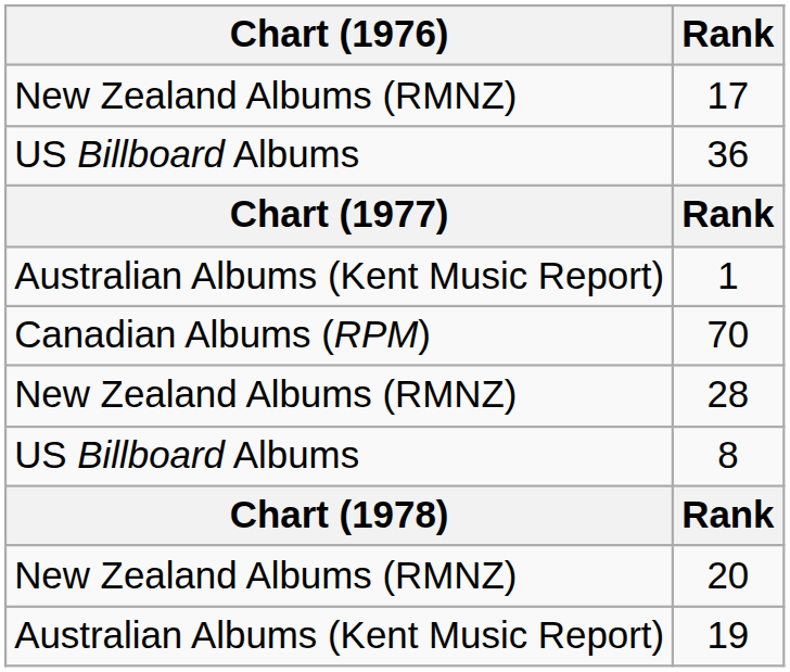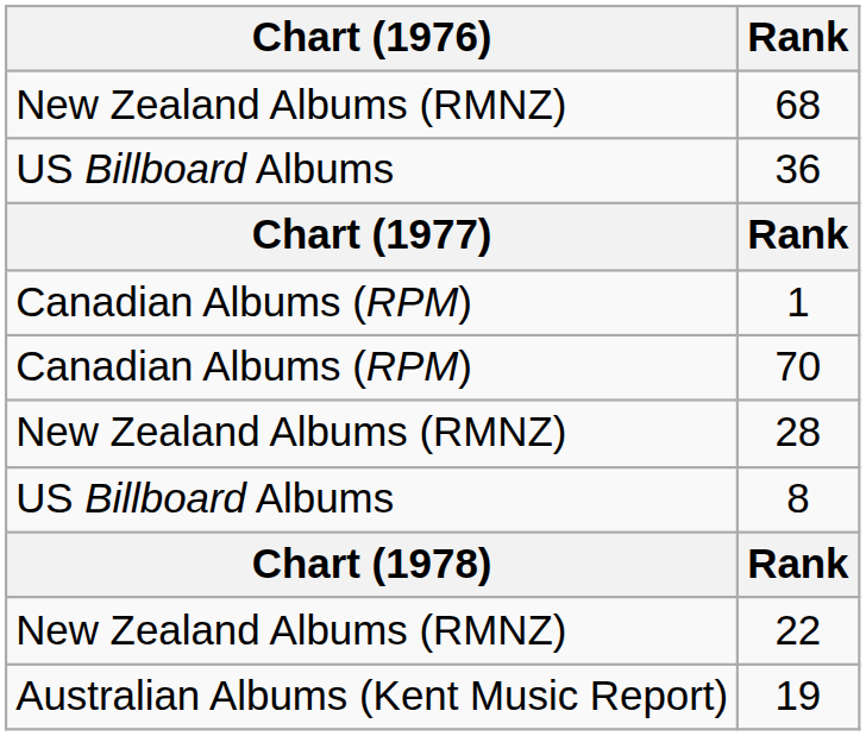 <table class="wikitable plainrowheaders">
 <tr>
 <th>Chart (1976)</th>
 <th>Rank</th>
 </tr>
 <tr>
 <td align="left">New Zealand Albums (RMNZ)</td>
-<td align="center">17</td>
+<td align="center">68</td>
 </tr>
 <tr>
 <td align="left">US <em>Billboard</em> Albums</td>
 <td align="center">36</td>
 </tr>
 <tr>
 <th>Chart (1977)</th>
 <th>Rank</th>
 </tr>
 <tr>
-<td align="left">Australian Albums (Kent Music Report)</td>
+<td align="left">Canadian Albums (<em>RPM</em>)</td>
 <td align="center">1</td>
 </tr>
 <tr>
 <td align="left">Canadian Albums (<em>RPM</em>)</td>
 <td align="center">70</td>
 </tr>
 <tr>
 <td align="left">New Zealand Albums (RMNZ)</td>
 <td align="center">28</td>
 </tr>
 <tr>
 <td align="left">US <em>Billboard</em> Albums</td>
 <td align="center">8</td>
 </tr>
 <tr>
 <th>Chart (1978)</th>
 <th>Rank</th>
 </tr>
 <tr>
 <td align="left">New Zealand Albums (RMNZ)</td>
-<td align="center">20</td>
+<td align="center">22</td>
 </tr>
 <tr>
 <td align="left">Australian Albums (Kent Music Report)</td>
 <td align="center">19</td>
 </tr>
 </table>
